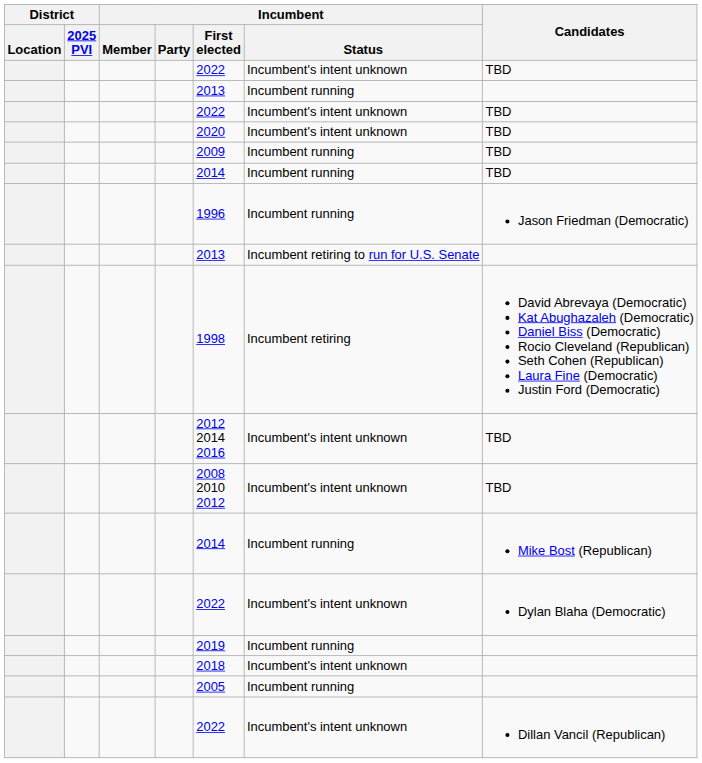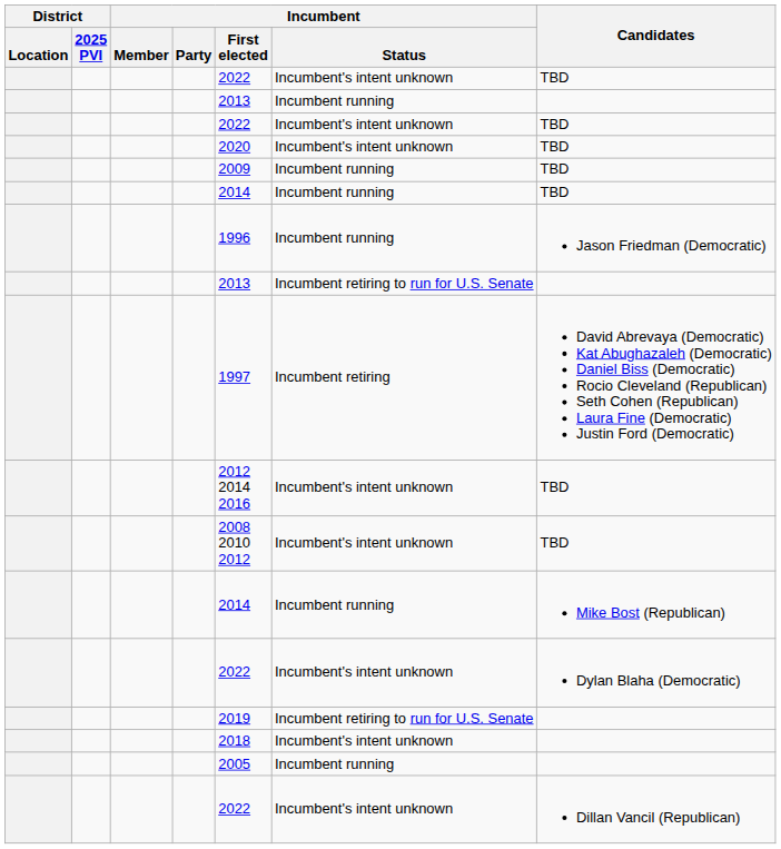 <table class="wikitable sortable">
 <tr>
 <th colspan=2>District</th>
 <th colspan=4>Incumbent</th>
 <th rowspan=2 class="unsortable">Candidates</th>
 </tr>
 <tr valign=bottom>
 <th>Location</th>
 <th><a href='#'>2025<br>PVI</a></th>
 <th>Member</th>
 <th>Party</th>
 <th>First<br>elected</th>
 <th>Status</th>
 </tr>
 <tr>
 <th></th>
 <td></td>
 <td></td>
 <td></td>
 <td><a href='#'>2022</a></td>
 <td>Incumbent's intent unknown</td>
 <td>TBD</td>
 </tr>
 <tr>
 <th></th>
 <td></td>
 <td></td>
 <td></td>
 <td><a href='#'>2013 </a></td>
 <td>Incumbent running</td>
 <td></td>
 </tr>
 <tr>
 <th></th>
 <td></td>
 <td></td>
 <td></td>
 <td><a href='#'>2022</a></td>
 <td>Incumbent's intent unknown</td>
 <td>TBD</td>
 </tr>
 <tr>
 <th></th>
 <td></td>
 <td></td>
 <td></td>
 <td><a href='#'>2020</a></td>
 <td>Incumbent's intent unknown</td>
 <td>TBD</td>
 </tr>
 <tr>
 <th></th>
 <td></td>
 <td></td>
 <td></td>
 <td><a href='#'>2009 </a></td>
 <td>Incumbent running</td>
 <td>TBD</td>
 </tr>
 <tr>
 <th></th>
 <td></td>
 <td></td>
 <td></td>
 <td><a href='#'>2014</a></td>
 <td>Incumbent running</td>
 <td>TBD</td>
 </tr>
 <tr>
 <th></th>
 <td></td>
 <td></td>
 <td></td>
 <td><a href='#'>1996</a></td>
 <td>Incumbent running</td>
 <td><br><ul><li>Jason Friedman (Democratic)</li></ul></td>
 </tr>
 <tr>
 <th></th>
 <td></td>
 <td></td>
 <td></td>
 <td><a href='#'>2013</a></td>
 <td>Incumbent retiring to <a href='#'>run for U.S. Senate</a></td>
 <td></td>
 </tr>
 <tr>
 <th></th>
 <td></td>
 <td></td>
 <td></td>
-<td><a href='#'>1998</a></td>
+<td><a href='#'>1997</a></td>
 <td>Incumbent retiring</td>
 <td><br><ul><li>David Abrevaya (Democratic)</li><li><a href='#'>Kat Abughazaleh</a> (Democratic)</li><li><a href='#'>Daniel Biss</a> (Democratic)</li><li>Rocio Cleveland (Republican)</li><li>Seth Cohen (Republican)</li><li><a href='#'>Laura Fine</a> (Democratic)</li><li>Justin Ford (Democratic)</li></ul></td>
 </tr>
 <tr>
 <th></th>
 <td></td>
 <td></td>
 <td></td>
 <td><a href='#'>2012</a><br>2014 <br><a href='#'>2016</a></td>
 <td>Incumbent's intent unknown</td>
 <td>TBD</td>
 </tr>
 <tr>
 <th></th>
 <td></td>
 <td></td>
 <td></td>
 <td><a href='#'>2008 </a><br>2010 <br><a href='#'>2012</a></td>
 <td>Incumbent's intent unknown</td>
 <td>TBD</td>
 </tr>
 <tr>
 <th></th>
 <td></td>
 <td></td>
 <td></td>
 <td><a href='#'>2014</a></td>
 <td>Incumbent running</td>
 <td><br><ul><li><a href='#'>Mike Bost</a> (Republican)</li></ul></td>
 </tr>
 <tr>
 <th></th>
 <td></td>
 <td></td>
 <td></td>
 <td><a href='#'>2022</a></td>
 <td>Incumbent's intent unknown</td>
 <td><br><ul><li>Dylan Blaha (Democratic)</li></ul></td>
 </tr>
 <tr>
 <th></th>
 <td></td>
 <td></td>
 <td></td>
 <td><a href='#'>2019</a></td>
-<td>Incumbent running</td>
+<td>Incumbent retiring to <a href='#'>run for U.S. Senate</a></td>
 <td></td>
 </tr>
 <tr>
 <th></th>
 <td></td>
 <td></td>
 <td></td>
 <td><a href='#'>2018</a></td>
 <td>Incumbent's intent unknown</td>
 <td></td>
 </tr>
 <tr>
 <th></th>
 <td></td>
 <td></td>
 <td></td>
 <td><a href='#'>2005 </a></td>
 <td>Incumbent running</td>
 <td></td>
 </tr>
 <tr>
 <th></th>
 <td></td>
 <td></td>
 <td></td>
 <td><a href='#'>2022</a></td>
 <td>Incumbent's intent unknown</td>
 <td><br><ul><li>Dillan Vancil (Republican)</li></ul></td>
 </tr>
 </table>
